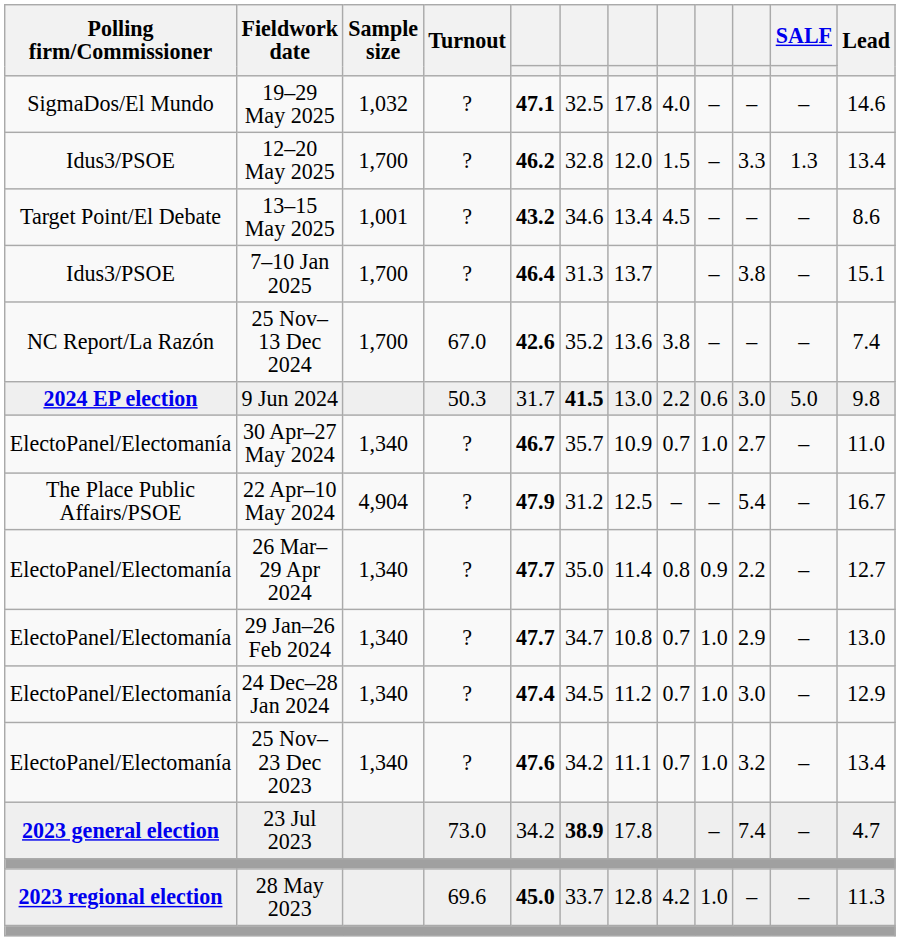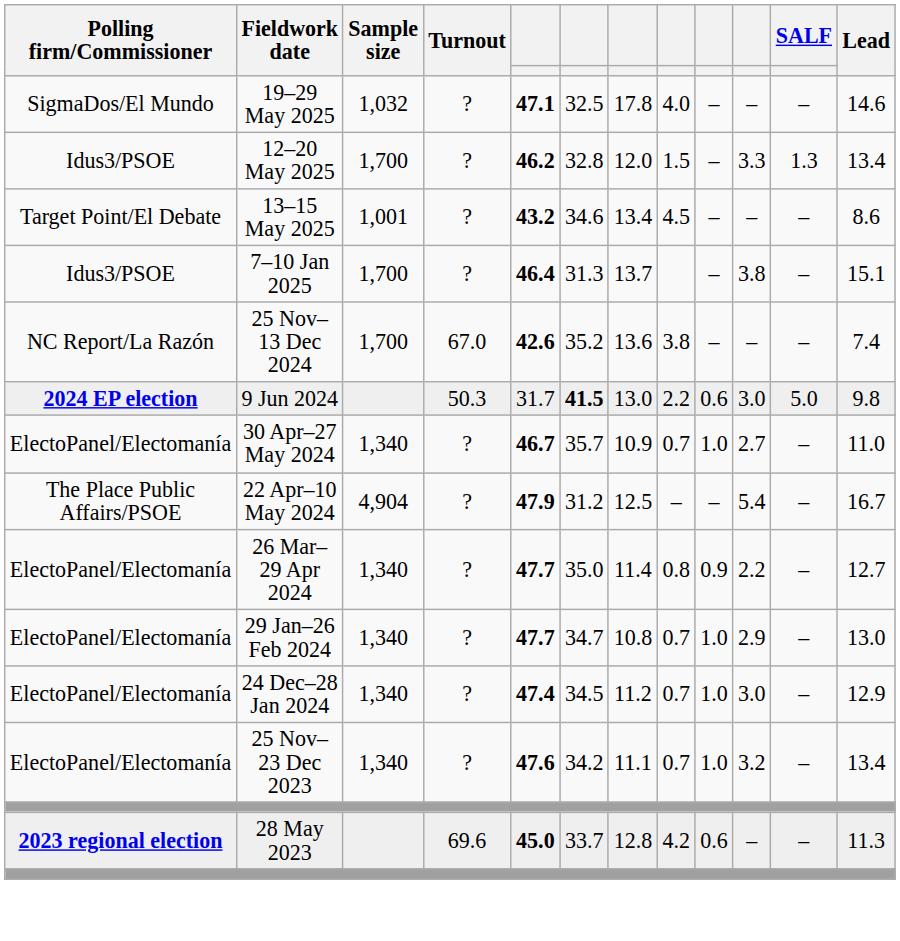 <table class="wikitable collapsible" style="text-align:center; font-size:95%; line-height:16px;">
 <tr style="height:42px;">
 <th style="width:250px;" rowspan="2">Polling firm/Commissioner</th>
 <th style="width:125px;" rowspan="2">Fieldwork date</th>
 <th style="width:50px;" rowspan="2">Sample size</th>
 <th style="width:45px;" rowspan="2">Turnout</th>
 <th style="width:35px;"></th>
 <th style="width:35px;"></th>
 <th style="width:35px;"></th>
 <th style="width:35px;"><br></th>
 <th style="width:35px;"></th>
 <th style="width:35px;"></th>
 <th style="width:35px;"><a href='#'>SALF</a></th>
 <th style="width:30px;" rowspan="2">Lead</th>
 </tr>
 <tr>
 <th style="color:inherit;background:"></th>
 <th style="color:inherit;background:"></th>
 <th style="color:inherit;background:"></th>
 <th style="color:inherit;background:"></th>
 <th style="color:inherit;background:"></th>
 <th style="color:inherit;background:"></th>
 <th style="color:inherit;background:"></th>
 </tr>
 <tr>
 <td>SigmaDos/El Mundo</td>
 <td>19–29 May 2025</td>
 <td>1,032</td>
 <td>?</td>
 <td><strong>47.1</strong><br></td>
 <td>32.5<br></td>
 <td>17.8<br></td>
 <td>4.0<br></td>
 <td>–</td>
 <td>–</td>
 <td>–</td>
 <td style="background:">14.6</td>
 </tr>
 <tr>
 <td>Idus3/PSOE</td>
 <td>12–20 May 2025</td>
 <td>1,700</td>
 <td>?</td>
 <td><strong>46.2</strong><br></td>
 <td>32.8<br></td>
 <td>12.0<br></td>
 <td>1.5<br></td>
 <td>–</td>
 <td>3.3<br></td>
 <td>1.3<br></td>
 <td style="background:">13.4</td>
 </tr>
 <tr>
 <td>Target Point/El Debate</td>
 <td>13–15 May 2025</td>
 <td>1,001</td>
 <td>?</td>
 <td><strong>43.2</strong><br></td>
 <td>34.6<br></td>
 <td>13.4<br></td>
 <td>4.5<br></td>
 <td>–</td>
 <td>–</td>
 <td>–</td>
 <td style="background:">8.6</td>
 </tr>
 <tr>
 <td>Idus3/PSOE</td>
 <td>7–10 Jan 2025</td>
 <td>1,700</td>
 <td>?</td>
 <td><strong>46.4</strong><br></td>
 <td>31.3<br></td>
 <td>13.7<br></td>
 <td></td>
 <td>–</td>
 <td>3.8<br></td>
 <td>–</td>
 <td style="background:">15.1</td>
 </tr>
 <tr>
 <td>NC Report/La Razón</td>
 <td>25 Nov–13 Dec 2024</td>
 <td>1,700</td>
 <td>67.0</td>
 <td><strong>42.6</strong><br></td>
 <td>35.2<br></td>
 <td>13.6<br></td>
 <td>3.8<br></td>
 <td>–</td>
 <td>–</td>
 <td>–</td>
 <td style="background:">7.4</td>
 </tr>
 <tr style="background:#EFEFEF;">
 <td><strong><a href='#'>2024 EP election</a></strong></td>
 <td>9 Jun 2024</td>
 <td></td>
 <td>50.3</td>
 <td>31.7<br></td>
 <td><strong>41.5</strong><br></td>
 <td>13.0<br></td>
 <td>2.2<br></td>
 <td>0.6<br></td>
 <td>3.0<br></td>
 <td>5.0<br></td>
 <td style="background:">9.8</td>
 </tr>
 <tr>
 <td>ElectoPanel/Electomanía</td>
 <td>30 Apr–27 May 2024</td>
 <td>1,340</td>
 <td>?</td>
 <td><strong>46.7</strong><br></td>
 <td>35.7<br></td>
 <td>10.9<br></td>
 <td>0.7<br></td>
 <td>1.0<br></td>
 <td>2.7<br></td>
 <td>–</td>
 <td style="background:">11.0</td>
 </tr>
 <tr>
 <td>The Place Public Affairs/PSOE</td>
 <td>22 Apr–10 May 2024</td>
 <td>4,904</td>
 <td>?</td>
 <td><strong>47.9</strong><br></td>
 <td>31.2<br></td>
 <td>12.5<br></td>
 <td>–</td>
 <td>–</td>
 <td>5.4<br></td>
 <td>–</td>
 <td style="background:">16.7</td>
 </tr>
 <tr>
 <td>ElectoPanel/Electomanía</td>
 <td>26 Mar–29 Apr 2024</td>
 <td>1,340</td>
 <td>?</td>
 <td><strong>47.7</strong><br></td>
 <td>35.0<br></td>
 <td>11.4<br></td>
 <td>0.8<br></td>
 <td>0.9<br></td>
 <td>2.2<br></td>
 <td>–</td>
 <td style="background:">12.7</td>
 </tr>
 <tr>
 <td>ElectoPanel/Electomanía</td>
 <td>29 Jan–26 Feb 2024</td>
 <td>1,340</td>
 <td>?</td>
 <td><strong>47.7</strong><br></td>
 <td>34.7<br></td>
 <td>10.8<br></td>
 <td>0.7<br></td>
 <td>1.0<br></td>
 <td>2.9<br></td>
 <td>–</td>
 <td style="background:">13.0</td>
 </tr>
 <tr>
 <td>ElectoPanel/Electomanía</td>
 <td>24 Dec–28 Jan 2024</td>
 <td>1,340</td>
 <td>?</td>
 <td><strong>47.4</strong><br></td>
 <td>34.5<br></td>
 <td>11.2<br></td>
 <td>0.7<br></td>
 <td>1.0<br></td>
 <td>3.0<br></td>
 <td>–</td>
 <td style="background:">12.9</td>
 </tr>
 <tr>
 <td>ElectoPanel/Electomanía</td>
 <td>25 Nov–23 Dec 2023</td>
 <td>1,340</td>
 <td>?</td>
 <td><strong>47.6</strong><br></td>
 <td>34.2<br></td>
 <td>11.1<br></td>
 <td>0.7<br></td>
 <td>1.0<br></td>
 <td>3.2<br></td>
 <td>–</td>
 <td style="background:">13.4</td>
 </tr>
-<tr style="background:#EFEFEF;">
-<td><strong><a href='#'>2023 general election</a></strong></td>
-<td>23 Jul 2023</td>
-<td></td>
-<td>73.0</td>
-<td>34.2<br></td>
-<td><strong>38.9</strong><br></td>
-<td>17.8<br></td>
-<td></td>
-<td>–</td>
-<td>7.4<br></td>
-<td>–</td>
-<td style="background:">4.7</td>
-</tr>
 <tr>
 <td colspan="12" style="background:#A0A0A0"></td>
 </tr>
 <tr style="background:#EFEFEF;">
 <td><strong><a href='#'>2023 regional election</a></strong></td>
 <td>28 May 2023</td>
 <td></td>
 <td>69.6</td>
 <td><strong>45.0</strong><br></td>
 <td>33.7<br></td>
 <td>12.8<br></td>
 <td>4.2<br></td>
-<td>1.0<br></td>
+<td>0.6<br></td>
 <td>–</td>
 <td>–</td>
 <td style="background:">11.3</td>
 </tr>
 <tr>
 <td colspan="12" style="background:#A0A0A0"></td>
 </tr>
 </table>
